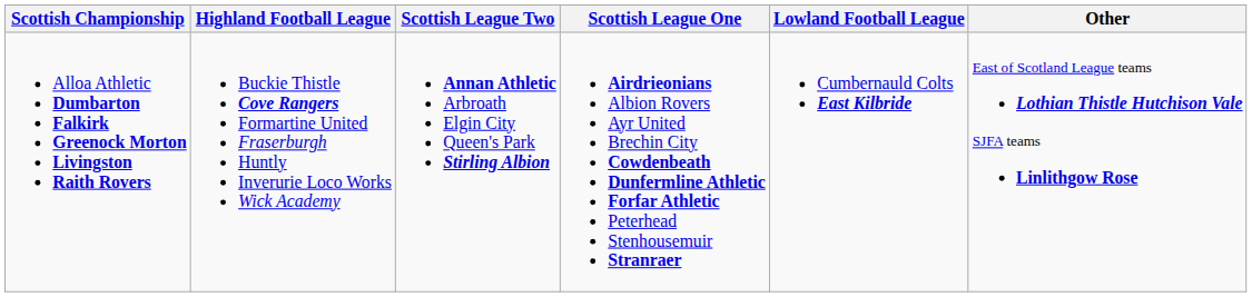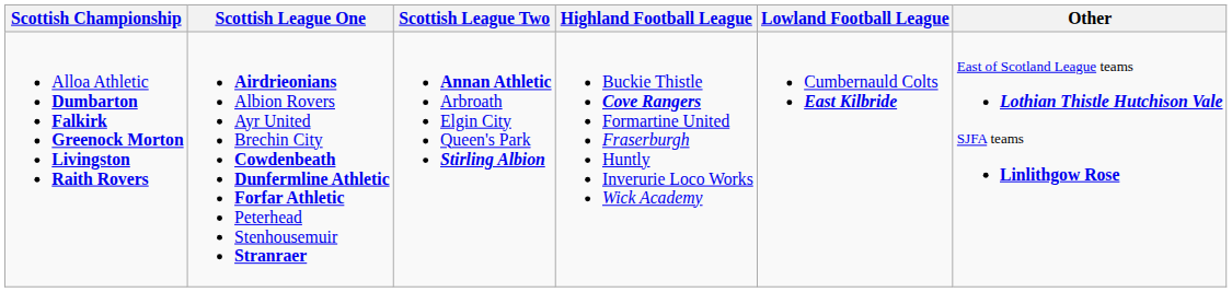 <table class="wikitable">
 <tr>
 <th><a href='#'>Scottish Championship</a></th>
+<th><a href='#'>Scottish League One</a></th>
+<th><a href='#'>Scottish League Two</a></th>
 <th><a href='#'>Highland Football League</a></th>
-<th><a href='#'>Scottish League Two</a></th>
-<th><a href='#'>Scottish League One</a></th>
 <th><a href='#'>Lowland Football League</a></th>
 <th>Other</th>
 </tr>
 <tr>
 <td valign=top><br><ul><li><a href='#'>Alloa Athletic</a></li><li><strong><a href='#'>Dumbarton</a></strong></li><li><strong><a href='#'>Falkirk</a></strong></li><li><strong><a href='#'>Greenock Morton</a></strong></li><li><strong><a href='#'>Livingston</a></strong></li><li><strong><a href='#'>Raith Rovers</a></strong></li></ul></td>
+<td valign=top><br><ul><li><strong><a href='#'>Airdrieonians</a></strong></li><li><a href='#'>Albion Rovers</a></li><li><a href='#'>Ayr United</a></li><li><a href='#'>Brechin City</a></li><li><strong><a href='#'>Cowdenbeath</a></strong></li><li><strong><a href='#'>Dunfermline Athletic</a></strong></li><li><strong><a href='#'>Forfar Athletic</a></strong></li><li><a href='#'>Peterhead</a></li><li><a href='#'>Stenhousemuir</a></li><li><strong><a href='#'>Stranraer</a></strong></li></ul></td>
+<td valign=top><br><ul><li><strong><a href='#'>Annan Athletic</a></strong></li><li><a href='#'>Arbroath</a></li><li><a href='#'>Elgin City</a></li><li><a href='#'>Queen's Park</a></li><li><strong><em><a href='#'>Stirling Albion</a></em></strong></li></ul></td>
 <td valign=top><br><ul><li><a href='#'>Buckie Thistle</a></li><li><strong><em><a href='#'>Cove Rangers</a></em></strong></li><li><a href='#'>Formartine United</a></li><li><em><a href='#'>Fraserburgh</a></em></li><li><a href='#'>Huntly</a></li><li><a href='#'>Inverurie Loco Works</a></li><li><em><a href='#'>Wick Academy</a></em></li></ul></td>
-<td valign=top><br><ul><li><strong><a href='#'>Annan Athletic</a></strong></li><li><a href='#'>Arbroath</a></li><li><a href='#'>Elgin City</a></li><li><a href='#'>Queen's Park</a></li><li><strong><em><a href='#'>Stirling Albion</a></em></strong></li></ul></td>
-<td valign=top><br><ul><li><strong><a href='#'>Airdrieonians</a></strong></li><li><a href='#'>Albion Rovers</a></li><li><a href='#'>Ayr United</a></li><li><a href='#'>Brechin City</a></li><li><strong><a href='#'>Cowdenbeath</a></strong></li><li><strong><a href='#'>Dunfermline Athletic</a></strong></li><li><strong><a href='#'>Forfar Athletic</a></strong></li><li><a href='#'>Peterhead</a></li><li><a href='#'>Stenhousemuir</a></li><li><strong><a href='#'>Stranraer</a></strong></li></ul></td>
 <td valign=top><br><ul><li><a href='#'>Cumbernauld Colts</a></li><li><strong><em><a href='#'>East Kilbride</a></em></strong></li></ul></td>
 <td valign=top><br><small><a href='#'>East of Scotland League</a> teams</small><ul><li><strong><em><a href='#'>Lothian Thistle Hutchison Vale</a></em></strong></li></ul><small><a href='#'>SJFA</a> teams</small><ul><li><strong><a href='#'>Linlithgow Rose</a></strong></li></ul></td>
 </tr>
 </table>
